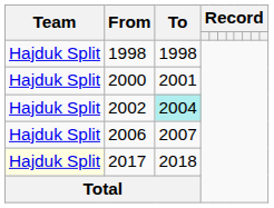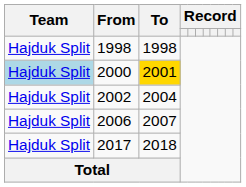 <table class=wikitable style="text-align: center">
 <tr>
 <th rowspan=2>Team</th>
 <th rowspan=2>From</th>
 <th rowspan=2>To</th>
 <th colspan=8>Record</th>
 </tr>
 <tr>
 <th></th>
 <th></th>
 <th></th>
 <th></th>
 <th></th>
 <th></th>
 <th></th>
 <th></th>
 </tr>
 <tr>
 <td align=left><a href='#'>Hajduk Split</a></td>
 <td align=left>1998</td>
 <td align=left>1998<br></td>
 </tr>
 <tr>
-<td align=left><a href='#'>Hajduk Split</a></td>
+<td align=left style="background: lightblue;"><a href='#'>Hajduk Split</a></td>
 <td align=left>2000</td>
-<td align=left>2001<br></td>
+<td align=left style="background: gold;">2001<br></td>
 </tr>
 <tr>
 <td align=left><a href='#'>Hajduk Split</a></td>
 <td align=left>2002</td>
-<td align=left style="background: paleturquoise;">2004<br></td>
+<td align=left>2004<br></td>
 </tr>
 <tr>
 <td align=left><a href='#'>Hajduk Split</a></td>
 <td align=left>2006</td>
 <td align=left>2007<br></td>
 </tr>
 <tr>
-<td align=left style="background: lightyellow;"><a href='#'>Hajduk Split</a></td>
+<td align=left><a href='#'>Hajduk Split</a></td>
 <td align=left>2017</td>
 <td align=left>2018<br></td>
 </tr>
 <tr>
 <th colspan=3>Total<br></th>
 </tr>
 </table>
